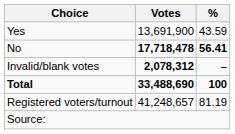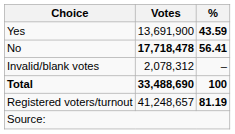 <table class=wikitable style=text-align:right>
 <tr>
 <th>Choice</th>
 <th>Votes</th>
 <th>%</th>
 </tr>
 <tr>
 <td align=left>Yes</td>
 <td>13,691,900</td>
-<td>43.59</td>
+<td><strong>43.59</strong></td>
 </tr>
 <tr>
 <td align=left> No</td>
 <td><strong>17,718,478</strong></td>
 <td><strong>56.41</strong></td>
 </tr>
 <tr>
 <td align=left>Invalid/blank votes</td>
-<td><strong>2,078,312</strong></td>
+<td>2,078,312</td>
 <td>–</td>
 </tr>
 <tr>
 <td align=left><strong>Total</strong></td>
 <td><strong>33,488,690</strong></td>
 <td><strong>100</strong></td>
 </tr>
 <tr>
 <td align=left>Registered voters/turnout</td>
 <td>41,248,657</td>
-<td>81.19</td>
+<td><strong>81.19</strong></td>
 </tr>
 <tr>
 <td align=left colspan=3>Source: </td>
 </tr>
 </table>
